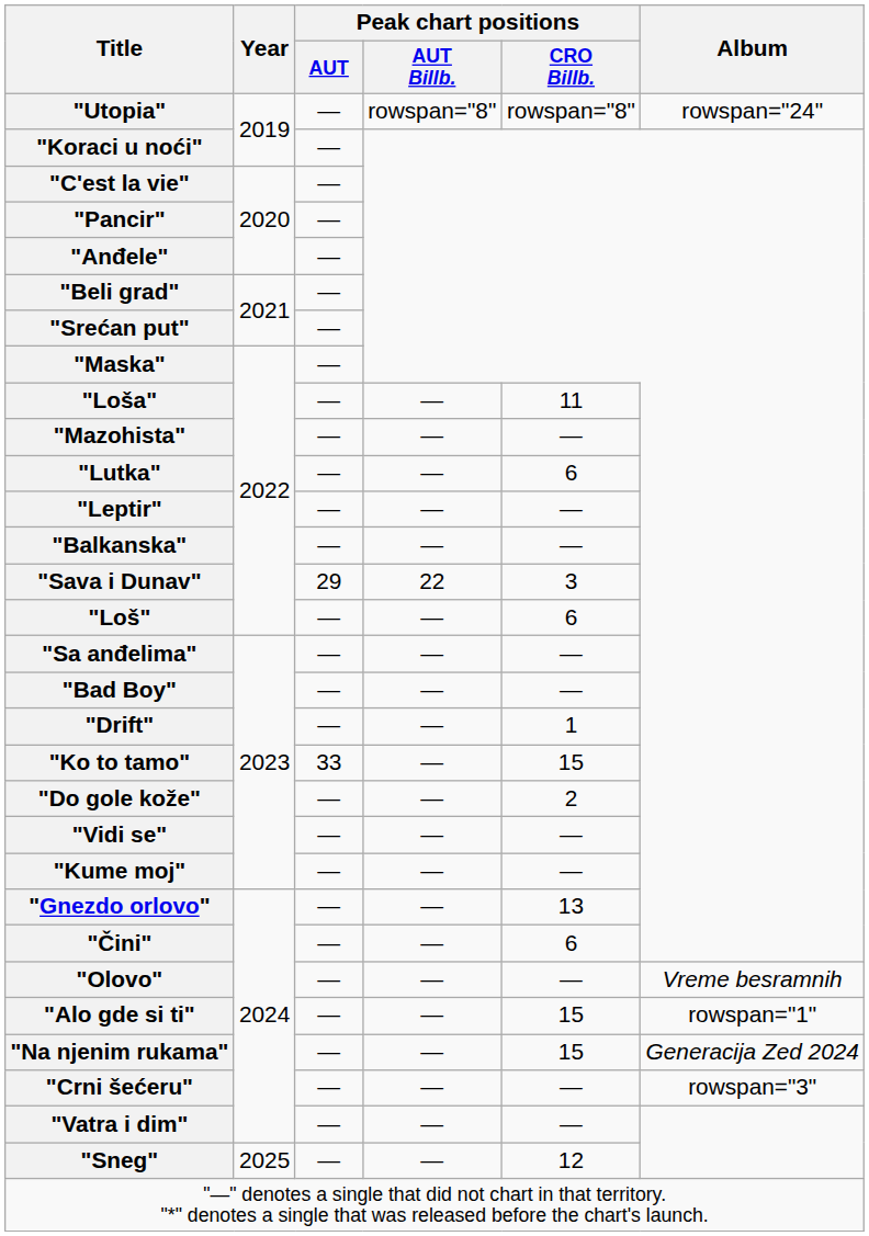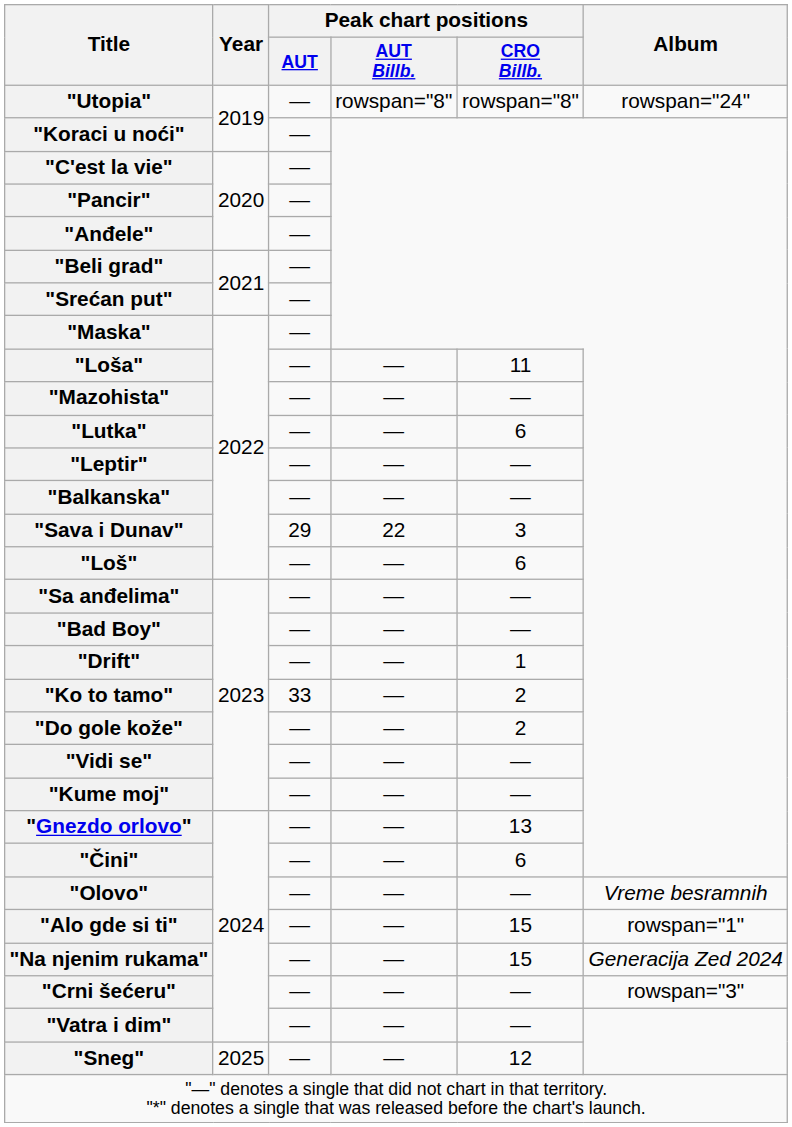 <table class="wikitable plainrowheaders" style="text-align:center;">
 <tr>
 <th scope="col" rowspan="2">Title</th>
 <th scope="col" rowspan="2">Year</th>
 <th scope="col" colspan="3">Peak chart positions</th>
 <th scope="col" rowspan="2">Album</th>
 </tr>
 <tr>
 <th scope="col" style="width:3em; font-size:85%;"><a href='#'>AUT</a><br></th>
 <th scope="col" style="width:3em; font-size:85%;"><a href='#'>AUT<br><em>Billb.</em></a><br></th>
 <th scope="col" style="width:3em; font-size:85%;"><a href='#'>CRO<br><em>Billb.</em></a><br></th>
 </tr>
 <tr>
 <th scope="row">"Utopia"</th>
 <td rowspan="2">2019</td>
 <td>—</td>
 <td>rowspan="8" </td>
 <td>rowspan="8" </td>
 <td>rowspan="24" </td>
 </tr>
 <tr>
 <th scope="row">"Koraci u noći" <br></th>
 <td>—</td>
 </tr>
 <tr>
 <th scope="row">"C'est la vie" <br></th>
 <td rowspan="3">2020</td>
 <td>—</td>
 </tr>
 <tr>
 <th scope="row">"Pancir" <br></th>
 <td>—</td>
 </tr>
 <tr>
 <th scope="row">"Anđele" <br></th>
 <td>—</td>
 </tr>
 <tr>
 <th scope="row">"Beli grad" <br></th>
 <td rowspan="2">2021</td>
 <td>—</td>
 </tr>
 <tr>
 <th scope="row">"Srećan put"</th>
 <td>—</td>
 </tr>
 <tr>
 <th scope="row">"Maska"</th>
 <td rowspan="8">2022</td>
 <td>—</td>
 </tr>
 <tr>
 <th scope="row">"Loša"</th>
 <td>—</td>
 <td>—</td>
 <td>11</td>
 </tr>
 <tr>
 <th scope="row">"Mazohista"</th>
 <td>—</td>
 <td>—</td>
 <td>—</td>
 </tr>
 <tr>
 <th scope="row">"Lutka"</th>
 <td>—</td>
 <td>—</td>
 <td>6</td>
 </tr>
 <tr>
 <th scope="row">"Leptir"</th>
 <td>—</td>
 <td>—</td>
 <td>—</td>
 </tr>
 <tr>
 <th scope="row">"Balkanska"</th>
 <td>—</td>
 <td>—</td>
 <td>—</td>
 </tr>
 <tr>
 <th scope="row">"Sava i Dunav"<br></th>
 <td>29</td>
 <td>22</td>
 <td>3</td>
 </tr>
 <tr>
 <th scope="row">"Loš"</th>
 <td>—</td>
 <td>—</td>
 <td>6</td>
 </tr>
 <tr>
 <th scope="row">"Sa anđelima"</th>
 <td rowspan="7">2023</td>
 <td>—</td>
 <td>—</td>
 <td>—</td>
 </tr>
 <tr>
 <th scope="row">"Bad Boy"</th>
 <td>—</td>
 <td>—</td>
 <td>—</td>
 </tr>
 <tr>
 <th scope="row">"Drift"<br></th>
 <td>—</td>
 <td>—</td>
 <td>1</td>
 </tr>
 <tr>
 <th scope="row">"Ko to tamo"<br></th>
 <td>33</td>
 <td>—</td>
-<td>15</td>
+<td>2</td>
 </tr>
 <tr>
 <th scope="row">"Do gole kože"</th>
 <td>—</td>
 <td>—</td>
 <td>2</td>
 </tr>
 <tr>
 <th scope="row">"Vidi se"</th>
 <td>—</td>
 <td>—</td>
 <td>—</td>
 </tr>
 <tr>
 <th scope="row">"Kume moj"</th>
 <td>—</td>
 <td>—</td>
 <td>—</td>
 </tr>
 <tr>
 <th scope="row">"<a href='#'>Gnezdo orlovo</a>"</th>
 <td rowspan="7">2024</td>
 <td>—</td>
 <td>—</td>
 <td>13</td>
 </tr>
 <tr>
 <th scope="row">"Čini"</th>
 <td>—</td>
 <td>—</td>
 <td>6</td>
 </tr>
 <tr>
 <th scope="row">"Olovo"<br></th>
 <td>—</td>
 <td>—</td>
 <td>—</td>
 <td><em>Vreme besramnih</em></td>
 </tr>
 <tr>
 <th scope="row">"Alo gde si ti"<br></th>
 <td>—</td>
 <td>—</td>
 <td>15</td>
 <td>rowspan="1" </td>
 </tr>
 <tr>
 <th scope="row">"Na njenim rukama"</th>
 <td>—</td>
 <td>—</td>
 <td>15</td>
 <td><em>Generacija Zed 2024</em></td>
 </tr>
 <tr>
 <th scope="row">"Crni šećeru"<br></th>
 <td>—</td>
 <td>—</td>
 <td>—</td>
 <td>rowspan="3" </td>
 </tr>
 <tr>
 <th scope="row">"Vatra i dim"<br></th>
 <td>—</td>
 <td>—</td>
 <td>—</td>
 </tr>
 <tr>
 <th scope="row">"Sneg"<br></th>
 <td>2025</td>
 <td>—</td>
 <td>—</td>
 <td>12</td>
 </tr>
 <tr>
 <td colspan="6" style="text-align:center; font-size:85%;">"—" denotes a single that did not chart in that territory.<br>"*" denotes a single that was released before the chart's launch.</td>
 </tr>
 </table>
